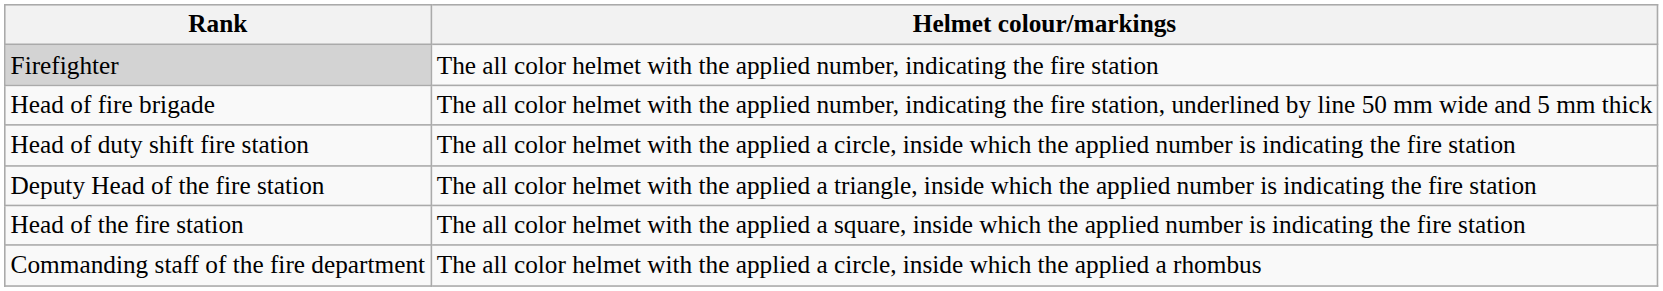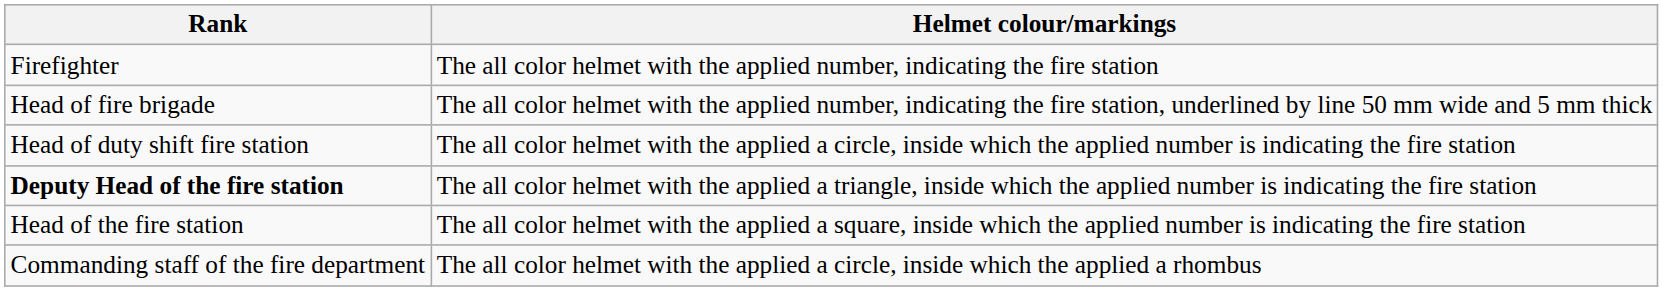 <table class="wikitable">
 <tr>
 <th>Rank</th>
 <th>Helmet colour/markings</th>
 </tr>
 <tr>
-<td style="background: lightgrey;">Firefighter</td>
+<td>Firefighter</td>
 <td>The all color helmet with the applied number, indicating the fire station</td>
 </tr>
 <tr>
 <td>Head of fire brigade</td>
 <td>The all color helmet with the applied number, indicating the fire station, underlined by line 50 mm wide and 5 mm thick</td>
 </tr>
 <tr>
 <td>Head of duty shift fire station</td>
 <td>The all color helmet with the applied a circle, inside which the applied number is indicating the fire station</td>
 </tr>
 <tr>
-<td>Deputy Head of the fire station</td>
+<td><strong>Deputy Head of the fire station</strong></td>
 <td>The all color helmet with the applied a triangle, inside which the applied number is indicating the fire station</td>
 </tr>
 <tr>
 <td>Head of the fire station</td>
 <td>The all color helmet with the applied a square, inside which the applied number is indicating the fire station</td>
 </tr>
 <tr>
 <td>Commanding staff of the fire department</td>
 <td>The all color helmet with the applied a circle, inside which the applied a rhombus</td>
 </tr>
 </table>
